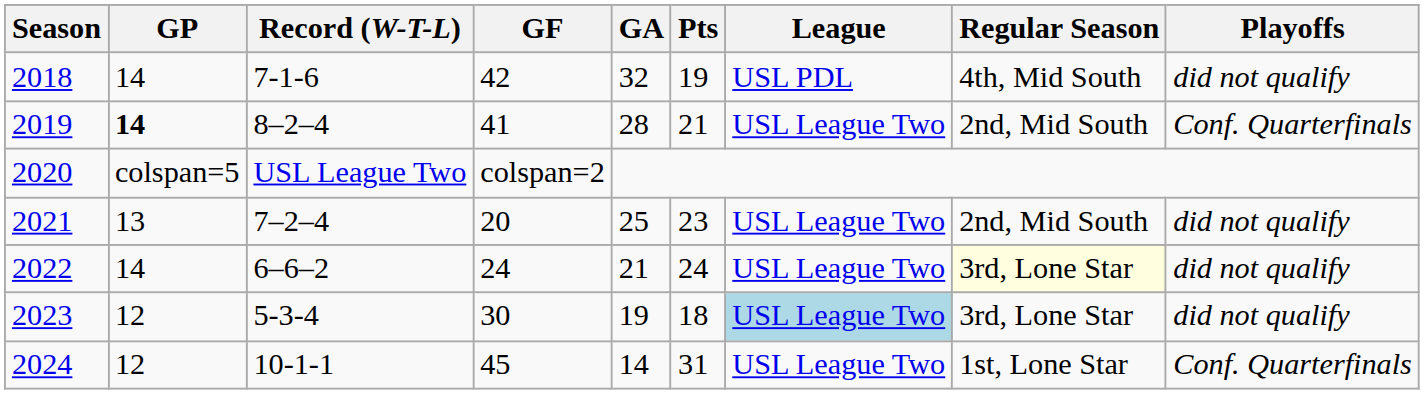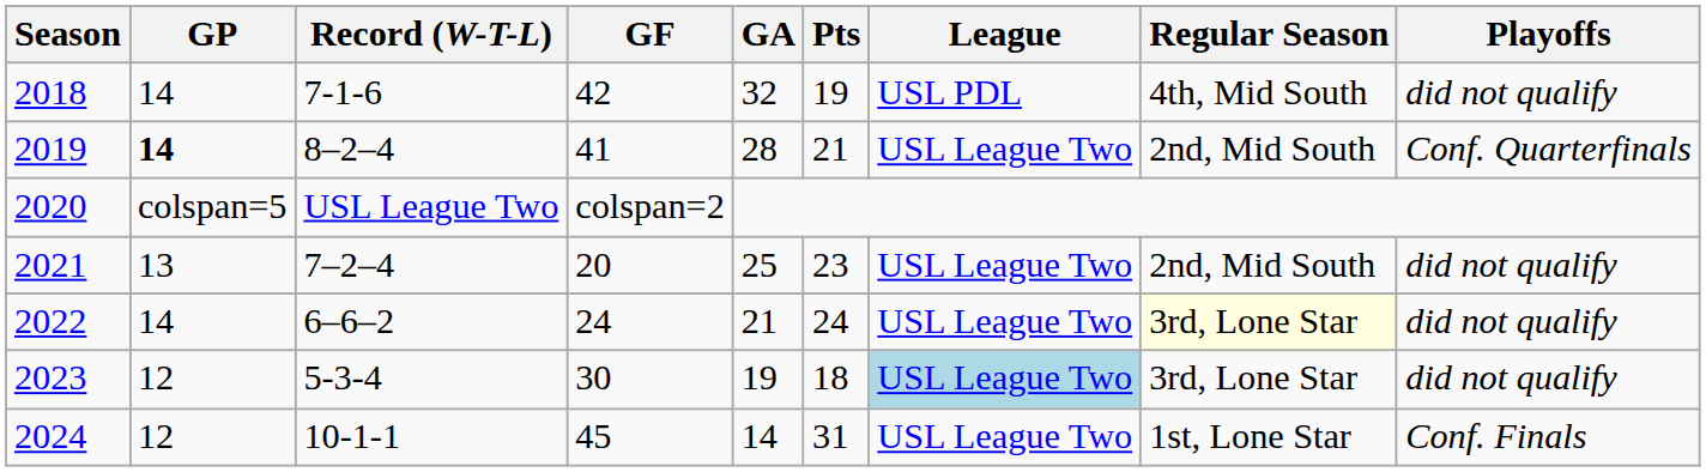 <table class="wikitable">
 <tr>
 <th>Season</th>
 <th>GP</th>
 <th>Record (<strong><em>W-T-L</em></strong>)</th>
 <th>GF</th>
 <th>GA</th>
 <th>Pts</th>
 <th>League</th>
 <th>Regular Season</th>
 <th>Playoffs</th>
 </tr>
 <tr>
 <td><a href='#'>2018</a></td>
 <td>14</td>
 <td>7-1-6</td>
 <td>42</td>
 <td>32</td>
 <td>19</td>
 <td><a href='#'>USL PDL</a></td>
 <td>4th, Mid South</td>
 <td><em>did not qualify</em></td>
 </tr>
 <tr>
 <td><a href='#'>2019</a></td>
 <td><strong>14</strong></td>
 <td>8–2–4</td>
 <td>41</td>
 <td>28</td>
 <td>21</td>
 <td><a href='#'>USL League Two</a></td>
 <td>2nd, Mid South</td>
 <td><em>Conf. Quarterfinals</em></td>
 </tr>
 <tr>
 <td><a href='#'>2020</a></td>
 <td>colspan=5 </td>
 <td><a href='#'>USL League Two</a></td>
 <td>colspan=2 </td>
 </tr>
 <tr>
 <td><a href='#'>2021</a></td>
 <td>13</td>
 <td>7–2–4</td>
 <td>20</td>
 <td>25</td>
 <td>23</td>
 <td><a href='#'>USL League Two</a></td>
 <td>2nd, Mid South</td>
 <td><em>did not qualify</em></td>
 </tr>
 <tr>
 <td><a href='#'>2022</a></td>
 <td>14</td>
 <td>6–6–2</td>
 <td>24</td>
 <td>21</td>
 <td>24</td>
 <td><a href='#'>USL League Two</a></td>
 <td style="background: lightyellow;">3rd, Lone Star</td>
 <td><em>did not qualify</em></td>
 </tr>
 <tr>
 <td><a href='#'>2023</a></td>
 <td>12</td>
 <td>5-3-4</td>
 <td>30</td>
 <td>19</td>
 <td>18</td>
 <td style="background: lightblue;"><a href='#'>USL League Two</a></td>
 <td>3rd, Lone Star</td>
 <td><em>did not qualify</em></td>
 </tr>
 <tr>
 <td><a href='#'>2024</a></td>
 <td>12</td>
 <td>10-1-1</td>
 <td>45</td>
 <td>14</td>
 <td>31</td>
 <td><a href='#'>USL League Two</a></td>
 <td>1st, Lone Star</td>
-<td><em>Conf. Quarterfinals</em></td>
+<td><em>Conf. Finals</em></td>
 </tr>
 </table>
